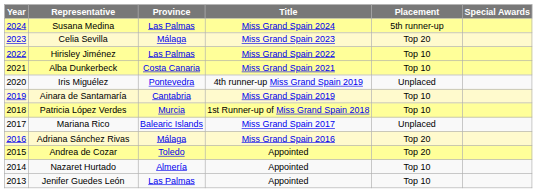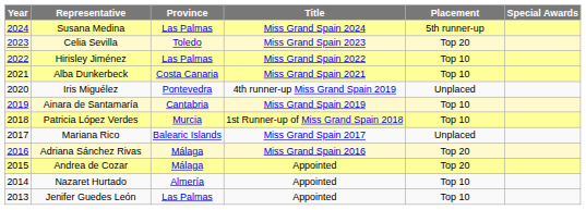 <table class="wikitable" style="font-size: 90%; text-align:center">
 <tr>
 <th style="background-color:#787878;color:#FFFFFF;">Year</th>
 <th width="170" style="background-color:#787878;color:#FFFFFF;">Representative</th>
 <th style="background-color:#787878;color:#FFFFFF;">Province</th>
 <th style="background-color:#787878;color:#FFFFFF;">Title</th>
 <th width="140" style="background-color:#787878;color:#FFFFFF;">Placement</th>
 <th style="background-color:#787878;color:#FFFFFF;">Special Awards</th>
 </tr>
 <tr style="background-color:#FFFF99;: bold">
 <td><a href='#'>2024</a></td>
 <td>Susana Medina</td>
 <td><a href='#'>Las Palmas</a></td>
 <td><a href='#'>Miss Grand Spain 2024</a></td>
 <td>5th runner-up</td>
 <td></td>
 </tr>
 <tr style="background-color:#FFFACD;: bold">
 <td><a href='#'>2023</a></td>
 <td>Celia Sevilla</td>
-<td><a href='#'>Málaga</a></td>
+<td><a href='#'>Toledo</a></td>
 <td><a href='#'>Miss Grand Spain 2023</a></td>
 <td align="center">Top 20</td>
 <td></td>
 </tr>
 <tr style="background-color:#FFFF99;: bold">
 <td><a href='#'>2022</a></td>
 <td>Hirisley Jiménez</td>
 <td><a href='#'>Las Palmas</a></td>
 <td><a href='#'>Miss Grand Spain 2022</a></td>
 <td align="center">Top 10</td>
 <td></td>
 </tr>
 <tr style="background-color:#FFFF99;: bold">
 <td>2021</td>
 <td>Alba Dunkerbeck</td>
 <td><a href='#'>Costa Canaria</a></td>
 <td><a href='#'>Miss Grand Spain 2021</a></td>
 <td align="center">Top 10</td>
 <td></td>
 </tr>
 <tr>
 <td>2020</td>
 <td>Iris Miguélez</td>
 <td><a href='#'>Pontevedra</a></td>
 <td>4th runner-up <a href='#'>Miss Grand Spain 2019</a></td>
 <td align="center">Unplaced</td>
 <td></td>
 </tr>
 <tr style="background-color:#FFFACD;: bold">
 <td><a href='#'>2019</a></td>
 <td>Ainara de Santamaría</td>
 <td><a href='#'>Cantabria</a></td>
 <td><a href='#'>Miss Grand Spain 2019</a></td>
 <td align="center">Top 10</td>
 <td></td>
 </tr>
 <tr style="background-color:#FFFF99;: bold">
 <td>2018</td>
 <td>Patricia López Verdes</td>
 <td><a href='#'>Murcia</a></td>
 <td>1st Runner-up of <a href='#'>Miss Grand Spain 2018</a></td>
 <td align="center">Top 10</td>
 <td></td>
 </tr>
 <tr>
 <td>2017</td>
 <td>Mariana Rico</td>
 <td><a href='#'>Balearic Islands</a></td>
 <td><a href='#'>Miss Grand Spain 2017</a></td>
 <td align="center">Unplaced</td>
 <td></td>
 </tr>
 <tr style="background-color:#FFFACD;: bold">
 <td><a href='#'>2016</a></td>
 <td>Adriana Sánchez Rivas</td>
 <td><a href='#'>Málaga</a></td>
 <td><a href='#'>Miss Grand Spain 2016</a></td>
 <td align="center">Top 20</td>
 <td></td>
 </tr>
 <tr style="background-color:#FFFF99;: bold">
 <td>2015</td>
 <td>Andrea de Cozar</td>
-<td><a href='#'>Toledo</a></td>
+<td><a href='#'>Málaga</a></td>
 <td>Appointed</td>
 <td align="center">Top 20</td>
 <td></td>
 </tr>
 <tr>
 <td>2014</td>
 <td>Nazaret Hurtado</td>
 <td><a href='#'>Almería</a></td>
 <td>Appointed</td>
 <td align="center">Top 10</td>
 <td></td>
 </tr>
 <tr>
 <td>2013</td>
 <td>Jenifer Guedes León</td>
 <td><a href='#'>Las Palmas</a></td>
 <td>Appointed</td>
 <td align="center">Top 10</td>
 <td></td>
 </tr>
 </table>
